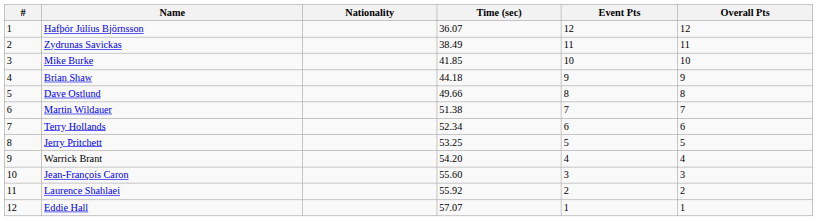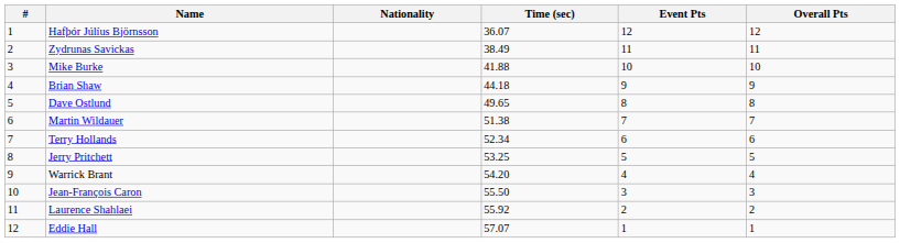 <table class="wikitable sortable" style="display: inline-table; width: 100%;">
 <tr>
 <th>#</th>
 <th>Name</th>
 <th>Nationality</th>
 <th>Time (sec)</th>
 <th>Event Pts</th>
 <th>Overall Pts</th>
 </tr>
 <tr>
 <td>1</td>
 <td><a href='#'>Hafþór Júlíus Björnsson</a></td>
 <td></td>
 <td>36.07</td>
 <td>12</td>
 <td>12</td>
 </tr>
 <tr>
 <td>2</td>
 <td><a href='#'>Zydrunas Savickas</a></td>
 <td></td>
 <td>38.49</td>
 <td>11</td>
 <td>11</td>
 </tr>
 <tr>
 <td>3</td>
 <td><a href='#'>Mike Burke</a></td>
 <td></td>
-<td>41.85</td>
+<td>41.88</td>
 <td>10</td>
 <td>10</td>
 </tr>
 <tr>
 <td>4</td>
 <td><a href='#'>Brian Shaw</a></td>
 <td></td>
 <td>44.18</td>
 <td>9</td>
 <td>9</td>
 </tr>
 <tr>
 <td>5</td>
 <td><a href='#'>Dave Ostlund</a></td>
 <td></td>
-<td>49.66</td>
+<td>49.65</td>
 <td>8</td>
 <td>8</td>
 </tr>
 <tr>
 <td>6</td>
 <td><a href='#'>Martin Wildauer</a></td>
 <td></td>
 <td>51.38</td>
 <td>7</td>
 <td>7</td>
 </tr>
 <tr>
 <td>7</td>
 <td><a href='#'>Terry Hollands</a></td>
 <td></td>
 <td>52.34</td>
 <td>6</td>
 <td>6</td>
 </tr>
 <tr>
 <td>8</td>
 <td><a href='#'>Jerry Pritchett</a></td>
 <td></td>
 <td>53.25</td>
 <td>5</td>
 <td>5</td>
 </tr>
 <tr>
 <td>9</td>
 <td>Warrick Brant</td>
 <td></td>
 <td>54.20</td>
 <td>4</td>
 <td>4</td>
 </tr>
 <tr>
 <td>10</td>
 <td><a href='#'>Jean-François Caron</a></td>
 <td></td>
-<td>55.60</td>
+<td>55.50</td>
 <td>3</td>
 <td>3</td>
 </tr>
 <tr>
 <td>11</td>
 <td><a href='#'>Laurence Shahlaei</a></td>
 <td></td>
 <td>55.92</td>
 <td>2</td>
 <td>2</td>
 </tr>
 <tr>
 <td>12</td>
 <td><a href='#'>Eddie Hall</a></td>
 <td></td>
 <td>57.07</td>
 <td>1</td>
 <td>1</td>
 </tr>
 </table>
